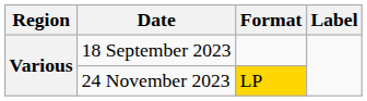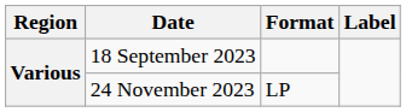 <table class="wikitable plainrowheaders">
 <tr>
 <th scope="col">Region</th>
 <th scope="col">Date</th>
 <th scope="col">Format</th>
 <th scope="col">Label</th>
 </tr>
 <tr>
 <th scope="row" rowspan="2">Various</th>
 <td>18 September 2023</td>
 <td></td>
 <td rowspan="2"></td>
 </tr>
 <tr>
 <td>24 November 2023</td>
-<td style="background: gold;">LP</td>
+<td>LP</td>
 </tr>
 </table>
